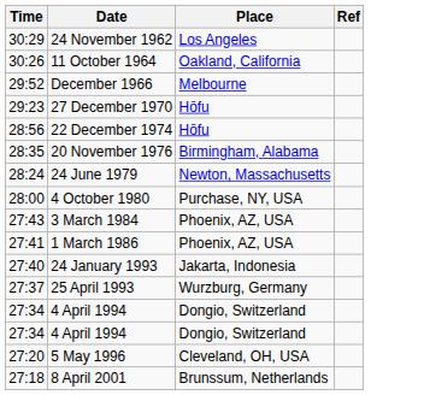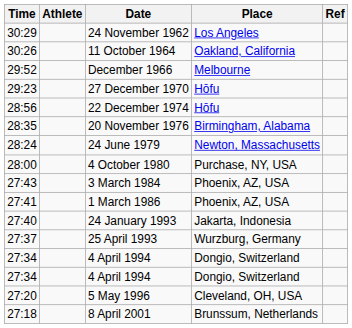 <table class="wikitable" style="font-size:95%">
 <tr>
 <th>Time</th>
+<th>Athlete</th>
 <th>Date</th>
 <th>Place</th>
 <th>Ref</th>
 </tr>
 <tr>
 <td align=center>30:29</td>
+<td></td>
 <td>24 November 1962</td>
 <td><a href='#'>Los Angeles</a></td>
 <td></td>
 </tr>
 <tr>
 <td align=center>30:26</td>
+<td></td>
 <td>11 October 1964</td>
 <td><a href='#'>Oakland, California</a></td>
 <td></td>
 </tr>
 <tr>
 <td align=center>29:52</td>
+<td></td>
 <td>December 1966</td>
 <td><a href='#'>Melbourne</a></td>
 <td></td>
 </tr>
 <tr>
 <td align=center>29:23</td>
+<td></td>
 <td>27 December 1970</td>
 <td><a href='#'>Hōfu</a></td>
 <td></td>
 </tr>
 <tr>
 <td align=center>28:56</td>
+<td></td>
 <td>22 December 1974</td>
 <td><a href='#'>Hōfu</a></td>
 <td></td>
 </tr>
 <tr>
 <td align=center>28:35</td>
+<td></td>
 <td>20 November 1976</td>
 <td><a href='#'>Birmingham, Alabama</a></td>
 <td></td>
 </tr>
 <tr>
 <td align=center>28:24</td>
+<td></td>
 <td>24 June 1979</td>
 <td><a href='#'>Newton, Massachusetts</a></td>
 <td></td>
 </tr>
 <tr>
 <td align=center>28:00</td>
+<td></td>
 <td>4 October 1980</td>
 <td>Purchase, NY, USA</td>
 <td></td>
 </tr>
 <tr>
 <td align=center>27:43</td>
+<td></td>
 <td>3 March 1984</td>
 <td>Phoenix, AZ, USA</td>
 <td></td>
 </tr>
 <tr>
 <td align=center>27:41</td>
+<td></td>
 <td>1 March 1986</td>
 <td>Phoenix, AZ, USA</td>
 <td></td>
 </tr>
 <tr>
 <td align=center>27:40</td>
+<td></td>
 <td>24 January 1993</td>
 <td>Jakarta, Indonesia</td>
 <td></td>
 </tr>
 <tr>
 <td align=center>27:37</td>
+<td></td>
 <td>25 April 1993</td>
 <td>Wurzburg, Germany</td>
 <td></td>
 </tr>
 <tr>
 <td align=center>27:34</td>
+<td></td>
 <td>4 April 1994</td>
 <td>Dongio, Switzerland</td>
 <td></td>
 </tr>
 <tr>
 <td align=center>27:34</td>
+<td></td>
 <td>4 April 1994</td>
 <td>Dongio, Switzerland</td>
 <td></td>
 </tr>
 <tr>
 <td align=center>27:20</td>
+<td></td>
 <td>5 May 1996</td>
 <td>Cleveland, OH, USA</td>
 <td></td>
 </tr>
 <tr>
 <td align=center>27:18</td>
+<td></td>
 <td>8 April 2001</td>
 <td>Brunssum, Netherlands</td>
 <td></td>
 </tr>
 </table>
